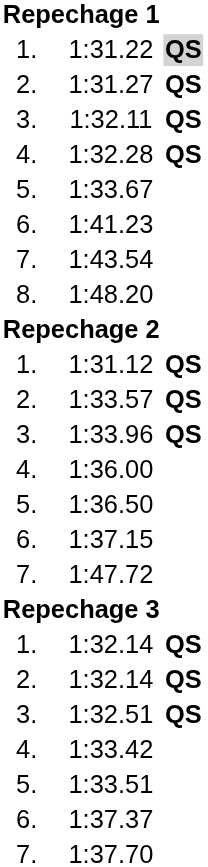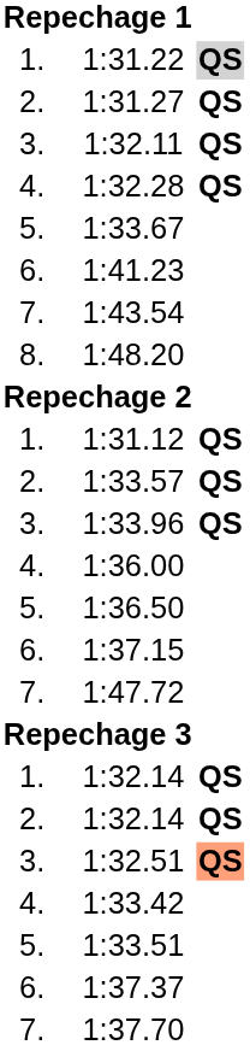 <table style="text-align:center">
 <tr>
 <td colspan=4 align=left><strong>Repechage 1</strong></td>
 </tr>
 <tr>
 <td width=30>1.</td>
 <td align=left></td>
 <td width=60>1:31.22</td>
 <td style="background: lightgrey;"><strong>QS</strong></td>
 </tr>
 <tr>
 <td>2.</td>
 <td align=left></td>
 <td>1:31.27</td>
 <td><strong>QS</strong></td>
 </tr>
 <tr>
 <td>3.</td>
 <td align=left></td>
 <td>1:32.11</td>
 <td><strong>QS</strong></td>
 </tr>
 <tr>
 <td>4.</td>
 <td align=left></td>
 <td>1:32.28</td>
 <td><strong>QS</strong></td>
 </tr>
 <tr>
 <td>5.</td>
 <td align=left></td>
 <td>1:33.67</td>
 <td></td>
 </tr>
 <tr>
 <td>6.</td>
 <td align=left></td>
 <td>1:41.23</td>
 <td></td>
 </tr>
 <tr>
 <td>7.</td>
 <td align=left></td>
 <td>1:43.54</td>
 <td></td>
 </tr>
 <tr>
 <td>8.</td>
 <td align=left></td>
 <td>1:48.20</td>
 <td></td>
 </tr>
 <tr>
 <td colspan=4 align=left><strong>Repechage 2</strong></td>
 </tr>
 <tr>
 <td>1.</td>
 <td align=left></td>
 <td>1:31.12</td>
 <td><strong>QS</strong></td>
 </tr>
 <tr>
 <td>2.</td>
 <td align=left></td>
 <td>1:33.57</td>
 <td><strong>QS</strong></td>
 </tr>
 <tr>
 <td>3.</td>
 <td align=left></td>
 <td>1:33.96</td>
 <td><strong>QS</strong></td>
 </tr>
 <tr>
 <td>4.</td>
 <td align=left></td>
 <td>1:36.00</td>
 <td></td>
 </tr>
 <tr>
 <td>5.</td>
 <td align=left></td>
 <td>1:36.50</td>
 <td></td>
 </tr>
 <tr>
 <td>6.</td>
 <td align=left></td>
 <td>1:37.15</td>
 <td></td>
 </tr>
 <tr>
 <td>7.</td>
 <td align=left></td>
 <td>1:47.72</td>
 <td></td>
 </tr>
 <tr>
 <td colspan=4 align=left><strong>Repechage 3</strong></td>
 </tr>
 <tr>
 <td>1.</td>
 <td align=left></td>
 <td>1:32.14</td>
 <td><strong>QS</strong></td>
 </tr>
 <tr>
 <td>2.</td>
 <td align=left></td>
 <td>1:32.14</td>
 <td><strong>QS</strong></td>
 </tr>
 <tr>
 <td>3.</td>
 <td align=left></td>
 <td>1:32.51</td>
-<td><strong>QS</strong></td>
+<td style="background: lightsalmon;"><strong>QS</strong></td>
 </tr>
 <tr>
 <td>4.</td>
 <td align=left></td>
 <td>1:33.42</td>
 <td></td>
 </tr>
 <tr>
 <td>5.</td>
 <td align=left></td>
 <td>1:33.51</td>
 <td></td>
 </tr>
 <tr>
 <td>6.</td>
 <td align=left></td>
 <td>1:37.37</td>
 <td></td>
 </tr>
 <tr>
 <td>7.</td>
 <td align=left></td>
 <td>1:37.70</td>
 <td></td>
 </tr>
 </table>
